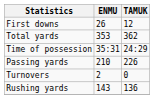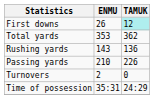 <table class="wikitable">
 <tr>
 <th>Statistics</th>
 <th>ENMU</th>
 <th>TAMUK</th>
 </tr>
 <tr>
 <td>First downs</td>
 <td>26</td>
-<td>12</td>
+<td style="background: paleturquoise;">12</td>
 </tr>
 <tr>
 <td>Total yards</td>
 <td>353</td>
 <td>362</td>
 </tr>
 <tr>
-<td>Time of possession</td>
-<td>35:31</td>
-<td>24:29</td>
+<td>Rushing yards</td>
+<td>143</td>
+<td>136</td>
 </tr>
 <tr>
 <td>Passing yards</td>
 <td>210</td>
 <td>226</td>
 </tr>
 <tr>
 <td>Turnovers</td>
 <td>2</td>
 <td>0</td>
 </tr>
 <tr>
-<td>Rushing yards</td>
-<td>143</td>
-<td>136</td>
+<td>Time of possession</td>
+<td>35:31</td>
+<td>24:29</td>
 </tr>
 <tr>
 </tr>
 </table>
